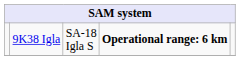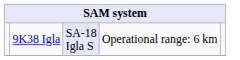 <table class="wikitable">
 <tr>
 <th style="align: center; background: lavender;" colspan="8"><strong>SAM system</strong></th>
 </tr>
 <tr>
 <td></td>
 <td><a href='#'>9K38 Igla</a></td>
-<td>SA-18<br>Igla S</td>
-<td><strong>Operational range: 6 km</strong></td>
+<td style="background: lavender;">SA-18<br>Igla S</td>
+<td>Operational range: 6 km</td>
 <td></td>
 </tr>
 <tr>
 </tr>
 </table>
